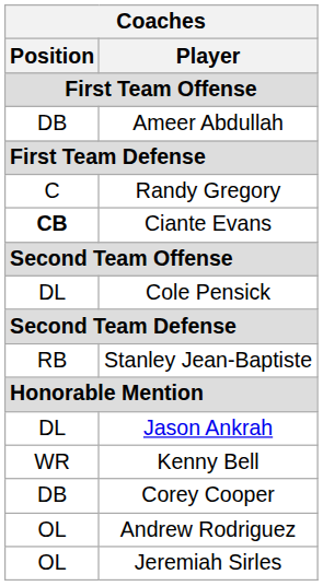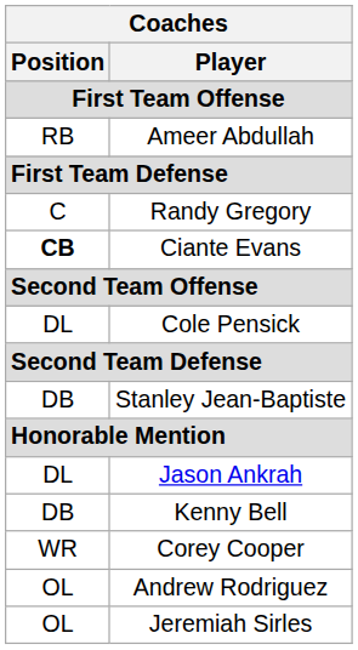 <table class="wikitable sortable" border="1">
 <tr>
 <th colspan="2">Coaches</th>
 </tr>
 <tr>
 <th>Position</th>
 <th>Player</th>
 </tr>
 <tr>
 <td colspan="4" style="text-align:center; background:#DDDDDD;"><strong>First Team Offense</strong></td>
 </tr>
 <tr>
-<td style="text-align:center; background:white">DB</td>
+<td style="text-align:center; background:white">RB</td>
 <td style="text-align:center; background:white">Ameer Abdullah</td>
 </tr>
 <tr>
 <td colspan="4" style="text=align:center; background:#DDDDDD;"><strong>First Team Defense</strong></td>
 </tr>
 <tr>
 <td style="text-align:center; background:white">C</td>
 <td style="text-align:center; background:white">Randy Gregory</td>
 </tr>
 <tr>
 <td style="text-align:center; background:white"><strong>CB</strong></td>
 <td style="text-align:center; background:white">Ciante Evans</td>
 </tr>
 <tr>
 <td colspan="4" style="text=align:center; background:#DDDDDD;"><strong>Second Team Offense</strong></td>
 </tr>
 <tr>
 <td style="text-align:center; background:white">DL</td>
 <td style="text-align:center; background:white">Cole Pensick</td>
 </tr>
 <tr>
 <td colspan="4" style="text=align:center; background:#DDDDDD;"><strong>Second Team Defense</strong></td>
 </tr>
 <tr>
-<td style="text-align:center; background:white">RB</td>
+<td style="text-align:center; background:white">DB</td>
 <td style="text-align:center; background:white">Stanley Jean-Baptiste</td>
 </tr>
 <tr>
 <td colspan="4" style="text=align:center; background:#DDDDDD;"><strong>Honorable Mention</strong></td>
 </tr>
 <tr>
 <td style="text-align:center; background:white">DL</td>
 <td style="text-align:center; background:white"><a href='#'>Jason Ankrah</a></td>
 </tr>
 <tr>
-<td style="text-align:center; background:white">WR</td>
+<td style="text-align:center; background:white">DB</td>
 <td style="text-align:center; background:white">Kenny Bell</td>
 </tr>
 <tr>
-<td style="text-align:center; background:white">DB</td>
+<td style="text-align:center; background:white">WR</td>
 <td style="text-align:center; background:white">Corey Cooper</td>
 </tr>
 <tr>
 <td style="text-align:center; background:white">OL</td>
 <td style="text-align:center; background:white">Andrew Rodriguez</td>
 </tr>
 <tr>
 <td style="text-align:center; background:white">OL</td>
 <td style="text-align:center; background:white">Jeremiah Sirles</td>
 </tr>
 </table>
